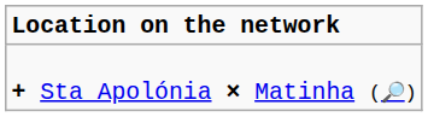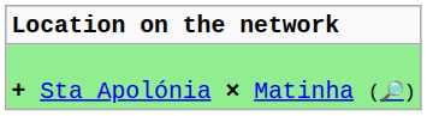 <table role="presentation" class="wikitable mw-collapsible mw-collapsed floatright">
 <tr>
 <td><strong>Location on the network</strong></td>
 </tr>
 <tr>
-<td><br><span><strong>+</strong> <a href='#'>Sta Apolónia</a></span> <span><strong>×</strong> <a href='#'>Matinha</a></span> <small>(<a href='#'>🔎</a>)</small></td>
+<td style="background: lightgreen;"><br><span><strong>+</strong> <a href='#'>Sta Apolónia</a></span> <span><strong>×</strong> <a href='#'>Matinha</a></span> <small>(<a href='#'>🔎</a>)</small></td>
 </tr>
 </table>
